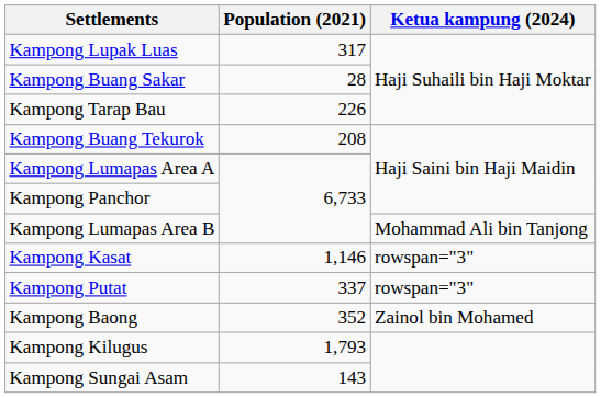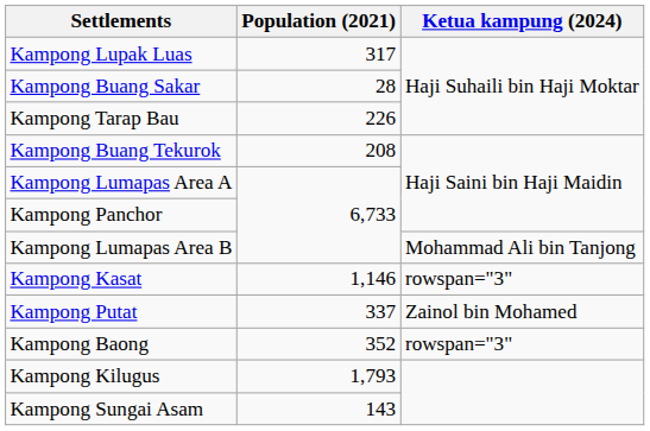 <table class="wikitable">
 <tr>
 <th>Settlements</th>
 <th>Population (2021)</th>
 <th><a href='#'>Ketua kampung</a> (2024)</th>
 </tr>
 <tr>
 <td><a href='#'>Kampong Lupak Luas</a></td>
 <td align="right">317</td>
 <td rowspan="3">Haji Suhaili bin Haji Moktar</td>
 </tr>
 <tr>
 <td><a href='#'>Kampong Buang Sakar</a></td>
 <td align="right">28</td>
 </tr>
 <tr>
 <td>Kampong Tarap Bau</td>
 <td align="right">226</td>
 </tr>
 <tr>
 <td><a href='#'>Kampong Buang Tekurok</a></td>
 <td align="right">208</td>
 <td rowspan="3">Haji Saini bin Haji Maidin</td>
 </tr>
 <tr>
 <td><a href='#'>Kampong Lumapas</a> Area A</td>
 <td rowspan="3" align="right">6,733</td>
 </tr>
 <tr>
 <td>Kampong Panchor</td>
 </tr>
 <tr>
 <td>Kampong Lumapas Area B</td>
 <td>Mohammad Ali bin Tanjong</td>
 </tr>
 <tr>
 <td><a href='#'>Kampong Kasat</a></td>
 <td align="right">1,146</td>
 <td>rowspan="3" </td>
 </tr>
 <tr>
 <td><a href='#'>Kampong Putat</a></td>
 <td align="right">337</td>
-<td>rowspan="3" </td>
+<td>Zainol bin Mohamed</td>
 </tr>
 <tr>
 <td>Kampong Baong</td>
 <td align="right">352</td>
-<td>Zainol bin Mohamed</td>
+<td>rowspan="3" </td>
 </tr>
 <tr>
 <td>Kampong Kilugus</td>
 <td align="right">1,793</td>
 </tr>
 <tr>
 <td>Kampong Sungai Asam</td>
 <td align="right">143</td>
 </tr>
 </table>
